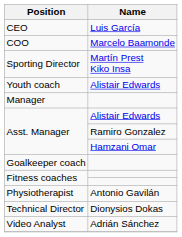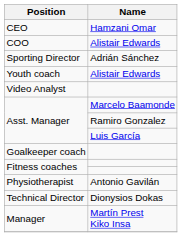 <table class="wikitable">
 <tr>
 <th>Position</th>
 <th>Name</th>
 </tr>
 <tr>
 <td>CEO</td>
-<td> <a href='#'>Luis García</a></td>
+<td> <a href='#'>Hamzani Omar</a></td>
 </tr>
 <tr>
 <td>COO</td>
-<td> <a href='#'>Marcelo Baamonde</a></td>
+<td> <a href='#'>Alistair Edwards</a></td>
 </tr>
 <tr>
 <td>Sporting Director</td>
-<td> <a href='#'>Martín Prest</a> <br>  <a href='#'>Kiko Insa</a></td>
+<td> Adrián Sánchez</td>
 </tr>
 <tr>
 <td>Youth coach</td>
 <td> <a href='#'>Alistair Edwards</a></td>
 </tr>
 <tr>
-<td>Manager</td>
+<td>Video Analyst</td>
 <td></td>
 </tr>
 <tr>
 <td rowspan="3">Asst. Manager</td>
-<td> <a href='#'>Alistair Edwards</a></td>
+<td> <a href='#'>Marcelo Baamonde</a></td>
 </tr>
 <tr>
 <td> Ramiro Gonzalez</td>
 </tr>
 <tr>
-<td> <a href='#'>Hamzani Omar</a></td>
+<td> <a href='#'>Luis García</a></td>
 </tr>
 <tr>
 <td>Goalkeeper coach</td>
 <td></td>
 </tr>
 <tr>
 <td rowspan="2">Fitness coaches</td>
 <td></td>
 </tr>
 <tr>
 <td></td>
 </tr>
 <tr>
 <td>Physiotherapist</td>
 <td> Antonio Gavilán</td>
 </tr>
 <tr>
 <td>Technical Director</td>
 <td> Dionysios Dokas</td>
 </tr>
 <tr>
-<td>Video Analyst</td>
-<td> Adrián Sánchez</td>
+<td>Manager</td>
+<td> <a href='#'>Martín Prest</a> <br>  <a href='#'>Kiko Insa</a></td>
 </tr>
 <tr>
 </tr>
 </table>
